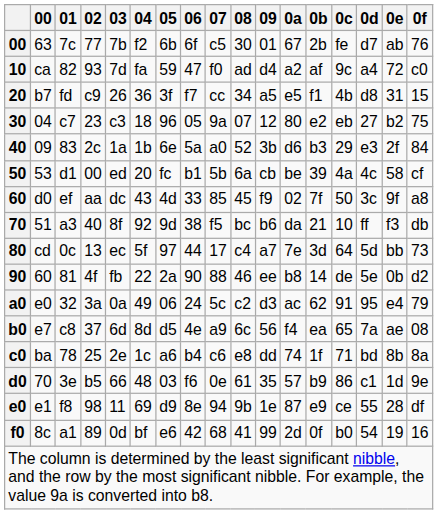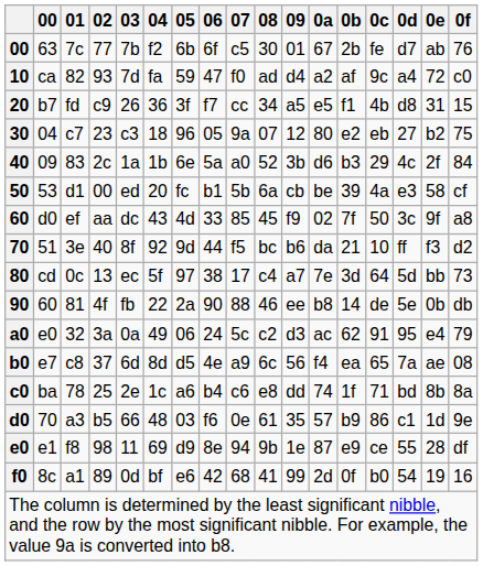 <table class="wikitable floatright" style="font-size:80%">
 <tr>
 <th></th>
 <th>00</th>
 <th>01</th>
 <th>02</th>
 <th>03</th>
 <th>04</th>
 <th>05</th>
 <th>06</th>
 <th>07</th>
 <th>08</th>
 <th>09</th>
 <th>0a</th>
 <th>0b</th>
 <th>0c</th>
 <th>0d</th>
 <th>0e</th>
 <th>0f</th>
 </tr>
 <tr>
 <th>00</th>
 <td>63</td>
 <td>7c</td>
 <td>77</td>
 <td>7b</td>
 <td>f2</td>
 <td>6b</td>
 <td>6f</td>
 <td>c5</td>
 <td>30</td>
 <td>01</td>
 <td>67</td>
 <td>2b</td>
 <td>fe</td>
 <td>d7</td>
 <td>ab</td>
 <td>76</td>
 </tr>
 <tr>
 <th>10</th>
 <td>ca</td>
 <td>82</td>
 <td>93</td>
 <td>7d</td>
 <td>fa</td>
 <td>59</td>
 <td>47</td>
 <td>f0</td>
 <td>ad</td>
 <td>d4</td>
 <td>a2</td>
 <td>af</td>
 <td>9c</td>
 <td>a4</td>
 <td>72</td>
 <td>c0</td>
 </tr>
 <tr>
 <th>20</th>
 <td>b7</td>
 <td>fd</td>
 <td>c9</td>
 <td>26</td>
 <td>36</td>
 <td>3f</td>
 <td>f7</td>
 <td>cc</td>
 <td>34</td>
 <td>a5</td>
 <td>e5</td>
 <td>f1</td>
 <td>4b</td>
 <td>d8</td>
 <td>31</td>
 <td>15</td>
 </tr>
 <tr>
 <th>30</th>
 <td>04</td>
 <td>c7</td>
 <td>23</td>
 <td>c3</td>
 <td>18</td>
 <td>96</td>
 <td>05</td>
 <td>9a</td>
 <td>07</td>
 <td>12</td>
 <td>80</td>
 <td>e2</td>
 <td>eb</td>
 <td>27</td>
 <td>b2</td>
 <td>75</td>
 </tr>
 <tr>
 <th>40</th>
 <td>09</td>
 <td>83</td>
 <td>2c</td>
 <td>1a</td>
 <td>1b</td>
 <td>6e</td>
 <td>5a</td>
 <td>a0</td>
 <td>52</td>
 <td>3b</td>
 <td>d6</td>
 <td>b3</td>
 <td>29</td>
-<td>e3</td>
+<td>4c</td>
 <td>2f</td>
 <td>84</td>
 </tr>
 <tr>
 <th>50</th>
 <td>53</td>
 <td>d1</td>
 <td>00</td>
 <td>ed</td>
 <td>20</td>
 <td>fc</td>
 <td>b1</td>
 <td>5b</td>
 <td>6a</td>
 <td>cb</td>
 <td>be</td>
 <td>39</td>
 <td>4a</td>
-<td>4c</td>
+<td>e3</td>
 <td>58</td>
 <td>cf</td>
 </tr>
 <tr>
 <th>60</th>
 <td>d0</td>
 <td>ef</td>
 <td>aa</td>
 <td>dc</td>
 <td>43</td>
 <td>4d</td>
 <td>33</td>
 <td>85</td>
 <td>45</td>
 <td>f9</td>
 <td>02</td>
 <td>7f</td>
 <td>50</td>
 <td>3c</td>
 <td>9f</td>
 <td>a8</td>
 </tr>
 <tr>
 <th>70</th>
 <td>51</td>
-<td>a3</td>
+<td>3e</td>
 <td>40</td>
 <td>8f</td>
 <td>92</td>
 <td>9d</td>
-<td>38</td>
+<td>44</td>
 <td>f5</td>
 <td>bc</td>
 <td>b6</td>
 <td>da</td>
 <td>21</td>
 <td>10</td>
 <td>ff</td>
 <td>f3</td>
-<td>db</td>
+<td>d2</td>
 </tr>
 <tr>
 <th>80</th>
 <td>cd</td>
 <td>0c</td>
 <td>13</td>
 <td>ec</td>
 <td>5f</td>
 <td>97</td>
-<td>44</td>
+<td>38</td>
 <td>17</td>
 <td>c4</td>
 <td>a7</td>
 <td>7e</td>
 <td>3d</td>
 <td>64</td>
 <td>5d</td>
 <td>bb</td>
 <td>73</td>
 </tr>
 <tr>
 <th>90</th>
 <td>60</td>
 <td>81</td>
 <td>4f</td>
 <td>fb</td>
 <td>22</td>
 <td>2a</td>
 <td>90</td>
 <td>88</td>
 <td>46</td>
 <td>ee</td>
 <td>b8</td>
 <td>14</td>
 <td>de</td>
 <td>5e</td>
 <td>0b</td>
-<td>d2</td>
+<td>db</td>
 </tr>
 <tr>
 <th>a0</th>
 <td>e0</td>
 <td>32</td>
 <td>3a</td>
 <td>0a</td>
 <td>49</td>
 <td>06</td>
 <td>24</td>
 <td>5c</td>
 <td>c2</td>
 <td>d3</td>
 <td>ac</td>
 <td>62</td>
 <td>91</td>
 <td>95</td>
 <td>e4</td>
 <td>79</td>
 </tr>
 <tr>
 <th>b0</th>
 <td>e7</td>
 <td>c8</td>
 <td>37</td>
 <td>6d</td>
 <td>8d</td>
 <td>d5</td>
 <td>4e</td>
 <td>a9</td>
 <td>6c</td>
 <td>56</td>
 <td>f4</td>
 <td>ea</td>
 <td>65</td>
 <td>7a</td>
 <td>ae</td>
 <td>08</td>
 </tr>
 <tr>
 <th>c0</th>
 <td>ba</td>
 <td>78</td>
 <td>25</td>
 <td>2e</td>
 <td>1c</td>
 <td>a6</td>
 <td>b4</td>
 <td>c6</td>
 <td>e8</td>
 <td>dd</td>
 <td>74</td>
 <td>1f</td>
 <td>71</td>
 <td>bd</td>
 <td>8b</td>
 <td>8a</td>
 </tr>
 <tr>
 <th>d0</th>
 <td>70</td>
-<td>3e</td>
+<td>a3</td>
 <td>b5</td>
 <td>66</td>
 <td>48</td>
 <td>03</td>
 <td>f6</td>
 <td>0e</td>
 <td>61</td>
 <td>35</td>
 <td>57</td>
 <td>b9</td>
 <td>86</td>
 <td>c1</td>
 <td>1d</td>
 <td>9e</td>
 </tr>
 <tr>
 <th>e0</th>
 <td>e1</td>
 <td>f8</td>
 <td>98</td>
 <td>11</td>
 <td>69</td>
 <td>d9</td>
 <td>8e</td>
 <td>94</td>
 <td>9b</td>
 <td>1e</td>
 <td>87</td>
 <td>e9</td>
 <td>ce</td>
 <td>55</td>
 <td>28</td>
 <td>df</td>
 </tr>
 <tr>
 <th>f0</th>
 <td>8c</td>
 <td>a1</td>
 <td>89</td>
 <td>0d</td>
 <td>bf</td>
 <td>e6</td>
 <td>42</td>
 <td>68</td>
 <td>41</td>
 <td>99</td>
 <td>2d</td>
 <td>0f</td>
 <td>b0</td>
 <td>54</td>
 <td>19</td>
 <td>16</td>
 </tr>
 <tr>
 <td colspan=17 width=20em>The column is determined by the least significant <a href='#'>nibble</a>, and the row by the most significant nibble. For example, the value 9a is converted into b8.</td>
 </tr>
 </table>
